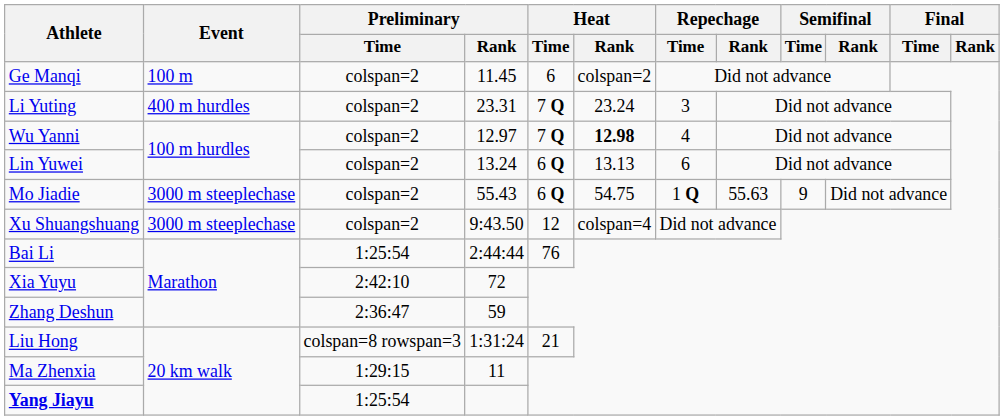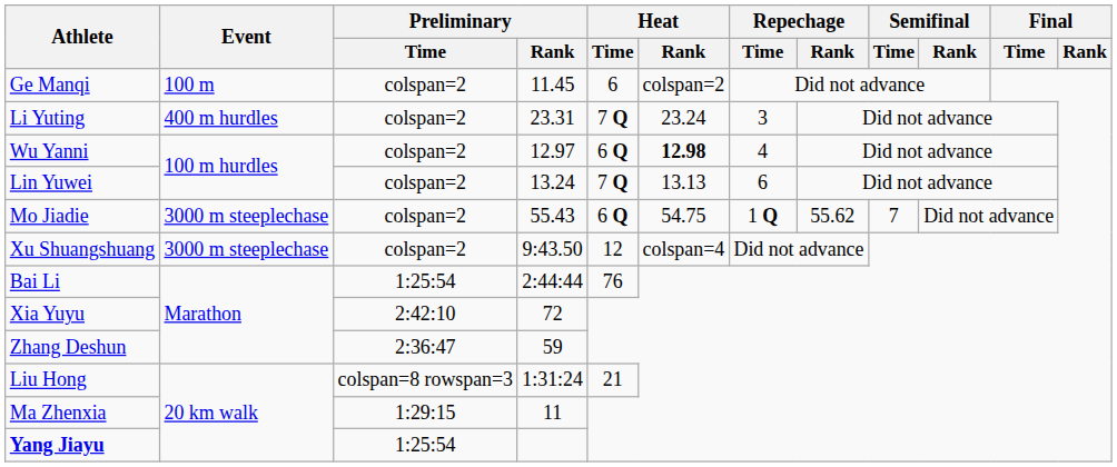 <table class="wikitable" style="font-size:90%">
 <tr>
 <th rowspan=2>Athlete</th>
 <th rowspan=2>Event</th>
 <th colspan=2>Preliminary</th>
 <th colspan=2>Heat</th>
 <th colspan=2>Repechage</th>
 <th colspan=2>Semifinal</th>
 <th colspan=2>Final</th>
 </tr>
 <tr style=font-size:95%>
 <th>Time</th>
 <th>Rank</th>
 <th>Time</th>
 <th>Rank</th>
 <th>Time</th>
 <th>Rank</th>
 <th>Time</th>
 <th>Rank</th>
 <th>Time</th>
 <th>Rank</th>
 </tr>
 <tr align=center>
 <td align=left><a href='#'>Ge Manqi</a></td>
 <td align=left><a href='#'>100 m</a></td>
 <td>colspan=2 </td>
 <td>11.45</td>
 <td>6</td>
 <td>colspan=2</td>
 <td colspan=4>Did not advance</td>
 </tr>
 <tr align=center>
 <td align=left><a href='#'>Li Yuting</a></td>
 <td align=left><a href='#'>400 m hurdles</a></td>
 <td>colspan=2 </td>
 <td>23.31</td>
 <td>7 <strong>Q</strong></td>
 <td>23.24</td>
 <td>3</td>
 <td colspan=4>Did not advance</td>
 </tr>
 <tr align=center>
 <td align=left><a href='#'>Wu Yanni</a></td>
 <td align=left rowspan=2><a href='#'>100 m hurdles</a></td>
 <td>colspan=2 </td>
 <td>12.97</td>
-<td>7 <strong>Q</strong></td>
+<td>6 <strong>Q</strong></td>
 <td><strong>12.98</strong></td>
 <td>4</td>
 <td colspan=4>Did not advance</td>
 </tr>
 <tr align=center>
 <td align=left><a href='#'>Lin Yuwei</a></td>
 <td>colspan=2 </td>
 <td>13.24</td>
-<td>6 <strong>Q</strong></td>
+<td>7 <strong>Q</strong></td>
 <td>13.13</td>
 <td>6</td>
 <td colspan=4>Did not advance</td>
 </tr>
 <tr align=center>
 <td align=left><a href='#'>Mo Jiadie</a></td>
 <td align=left><a href='#'>3000 m steeplechase</a></td>
 <td>colspan=2 </td>
 <td>55.43</td>
 <td>6 <strong>Q</strong></td>
 <td>54.75</td>
 <td>1 <strong>Q</strong></td>
-<td>55.63</td>
-<td>9</td>
+<td>55.62</td>
+<td>7</td>
 <td colspan=2>Did not advance</td>
 </tr>
 <tr align=center>
 <td align=left><a href='#'>Xu Shuangshuang</a></td>
 <td align=left><a href='#'>3000 m steeplechase</a></td>
 <td>colspan=2 </td>
 <td>9:43.50</td>
 <td>12</td>
 <td>colspan=4 </td>
 <td colspan=2>Did not advance</td>
 </tr>
 <tr align=center>
 <td align=left><a href='#'>Bai Li</a></td>
 <td align=left rowspan=3><a href='#'>Marathon</a></td>
 <td>1:25:54</td>
 <td>2:44:44</td>
 <td>76</td>
 </tr>
 <tr align=center>
 <td align=left><a href='#'>Xia Yuyu</a></td>
 <td>2:42:10</td>
 <td>72</td>
 </tr>
 <tr align=center>
 <td align=left><a href='#'>Zhang Deshun</a></td>
 <td>2:36:47</td>
 <td>59</td>
 </tr>
 <tr align=center>
 <td align=left><a href='#'>Liu Hong</a></td>
 <td align=left rowspan=3><a href='#'>20 km walk</a></td>
 <td>colspan=8 rowspan=3 </td>
 <td>1:31:24</td>
 <td>21</td>
 </tr>
 <tr align=center>
 <td align=left><a href='#'>Ma Zhenxia</a></td>
 <td>1:29:15</td>
 <td>11</td>
 </tr>
 <tr align=center>
 <td align=left><strong><a href='#'>Yang Jiayu</a></strong></td>
 <td>1:25:54</td>
 <td></td>
 </tr>
 </table>
